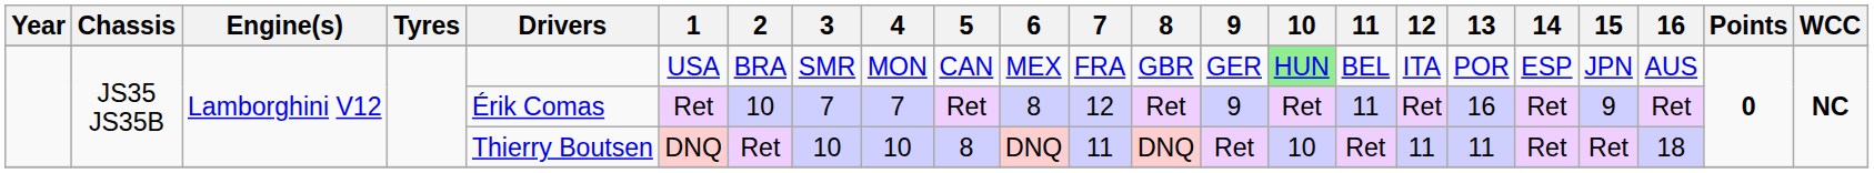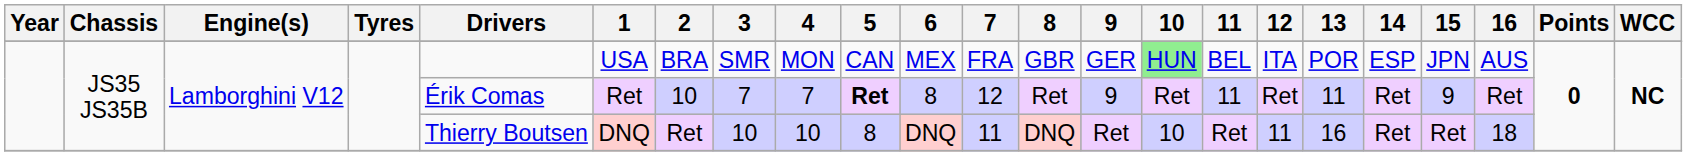 <table class="wikitable" style="text-align:center; font-size:95%">
 <tr>
 <th>Year</th>
 <th>Chassis</th>
 <th>Engine(s)</th>
 <th>Tyres</th>
 <th>Drivers</th>
 <th>1</th>
 <th>2</th>
 <th>3</th>
 <th>4</th>
 <th>5</th>
 <th>6</th>
 <th>7</th>
 <th>8</th>
 <th>9</th>
 <th>10</th>
 <th>11</th>
 <th>12</th>
 <th>13</th>
 <th>14</th>
 <th>15</th>
 <th>16</th>
 <th>Points</th>
 <th>WCC</th>
 </tr>
 <tr>
 </tr>
 <tr>
 <td rowspan="3"></td>
 <td rowspan="3">JS35<br>JS35B</td>
 <td rowspan="3"><a href='#'>Lamborghini</a> <a href='#'>V12</a></td>
 <td rowspan="3"></td>
 <td></td>
 <td><a href='#'>USA</a></td>
 <td><a href='#'>BRA</a></td>
 <td><a href='#'>SMR</a></td>
 <td><a href='#'>MON</a></td>
 <td><a href='#'>CAN</a></td>
 <td><a href='#'>MEX</a></td>
 <td><a href='#'>FRA</a></td>
 <td><a href='#'>GBR</a></td>
 <td><a href='#'>GER</a></td>
 <td style="background: lightgreen;"><a href='#'>HUN</a></td>
 <td><a href='#'>BEL</a></td>
 <td><a href='#'>ITA</a></td>
 <td><a href='#'>POR</a></td>
 <td><a href='#'>ESP</a></td>
 <td><a href='#'>JPN</a></td>
 <td><a href='#'>AUS</a></td>
 <td rowspan="3"><strong>0</strong></td>
 <td rowspan="3"><strong>NC</strong></td>
 </tr>
 <tr>
 <td align="left"><a href='#'>Érik Comas</a></td>
 <td style="background:#efcfff;">Ret</td>
 <td style="background:#cfcfff;">10</td>
 <td style="background:#cfcfff;">7</td>
 <td style="background:#cfcfff;">7</td>
-<td style="background:#efcfff;">Ret</td>
+<td style="background:#efcfff;"><strong>Ret</strong></td>
 <td style="background:#cfcfff;">8</td>
 <td style="background:#cfcfff;">12</td>
 <td style="background:#efcfff;">Ret</td>
 <td style="background:#cfcfff;">9</td>
 <td style="background:#efcfff;">Ret</td>
 <td style="background:#cfcfff;">11</td>
 <td style="background:#efcfff;">Ret</td>
-<td style="background:#cfcfff;">16</td>
+<td style="background:#cfcfff;">11</td>
 <td style="background:#efcfff;">Ret</td>
 <td style="background:#cfcfff;">9</td>
 <td style="background:#efcfff;">Ret</td>
 </tr>
 <tr>
 <td align="left"><a href='#'>Thierry Boutsen</a></td>
 <td style="background:#FFCFCF;">DNQ</td>
 <td style="background:#efcfff;">Ret</td>
 <td style="background:#cfcfff;">10</td>
 <td style="background:#cfcfff;">10</td>
 <td style="background:#cfcfff;">8</td>
 <td style="background:#FFCFCF;">DNQ</td>
 <td style="background:#cfcfff;">11</td>
 <td style="background:#FFCFCF;">DNQ</td>
 <td style="background:#efcfff;">Ret</td>
 <td style="background:#cfcfff;">10</td>
 <td style="background:#efcfff;">Ret</td>
 <td style="background:#cfcfff;">11</td>
-<td style="background:#cfcfff;">11</td>
+<td style="background:#cfcfff;">16</td>
 <td style="background:#efcfff;">Ret</td>
 <td style="background:#efcfff;">Ret</td>
 <td style="background:#cfcfff;">18</td>
 </tr>
 <tr>
 </tr>
 </table>
